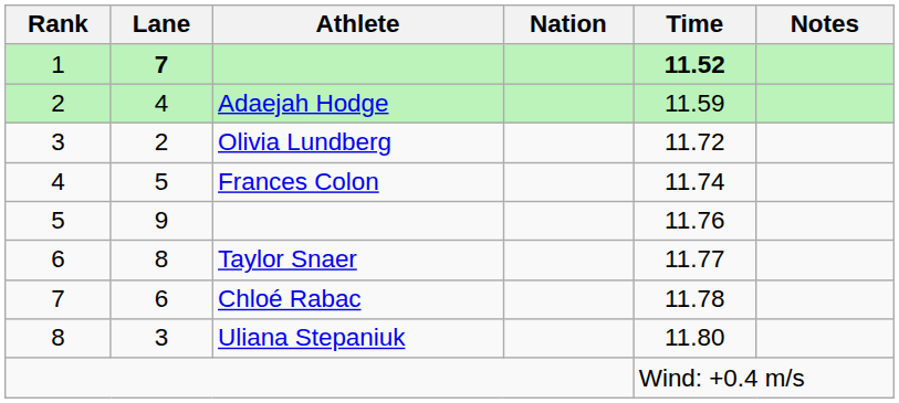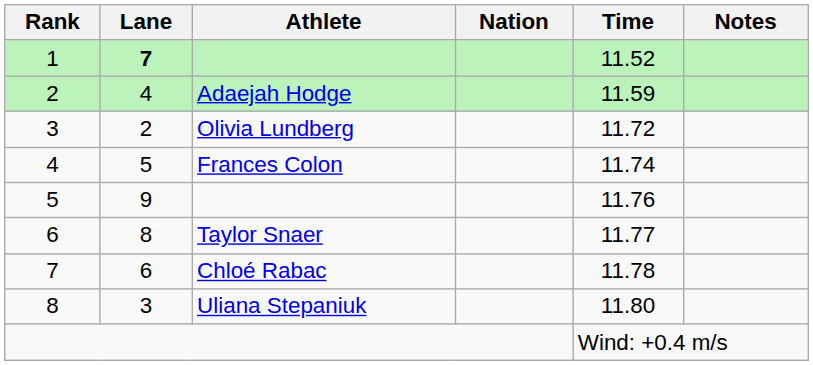 <table class="wikitable sortable" style="text-align:center;width: 65%;">
 <tr>
 <th scope="col">Rank</th>
 <th scope="col">Lane</th>
 <th scope="col">Athlete</th>
 <th scope="col">Nation</th>
 <th scope="col">Time</th>
 <th scope="col">Notes</th>
 </tr>
 <tr bgcolor=bbf3bb>
 <td>1</td>
 <td><strong>7</strong></td>
 <td align=left></td>
 <td align=left></td>
-<td><strong>11.52</strong></td>
+<td>11.52</td>
 <td></td>
 </tr>
 <tr bgcolor=bbf3bb>
 <td>2</td>
 <td>4</td>
 <td align=left><a href='#'>Adaejah Hodge</a></td>
 <td align=left></td>
 <td>11.59</td>
 <td></td>
 </tr>
 <tr>
 <td>3</td>
 <td>2</td>
 <td align=left><a href='#'>Olivia Lundberg</a></td>
 <td align=left></td>
 <td>11.72</td>
 <td></td>
 </tr>
 <tr>
 <td>4</td>
 <td>5</td>
 <td align=left><a href='#'>Frances Colon</a></td>
 <td align=left></td>
 <td>11.74</td>
 <td></td>
 </tr>
 <tr>
 <td>5</td>
 <td>9</td>
 <td align=left></td>
 <td align=left></td>
 <td>11.76</td>
 <td></td>
 </tr>
 <tr>
 <td>6</td>
 <td>8</td>
 <td align=left><a href='#'>Taylor Snaer</a></td>
 <td align=left></td>
 <td>11.77</td>
 <td></td>
 </tr>
 <tr>
 <td>7</td>
 <td>6</td>
 <td align=left><a href='#'>Chloé Rabac</a></td>
 <td align=left></td>
 <td>11.78</td>
 <td></td>
 </tr>
 <tr>
 <td>8</td>
 <td>3</td>
 <td align=left><a href='#'>Uliana Stepaniuk</a></td>
 <td align=left></td>
 <td>11.80</td>
 <td></td>
 </tr>
 <tr class="sortbottom">
 <td colspan="4"></td>
 <td colspan="2" style="text-align:left;">Wind: +0.4 m/s</td>
 </tr>
 </table>
